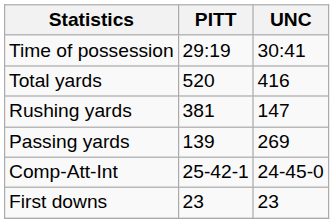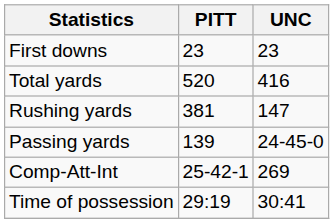 <table class="wikitable" style="float: left;">
 <tr>
 <th>Statistics</th>
 <th>PITT</th>
 <th>UNC</th>
 </tr>
 <tr>
-<td>Time of possession</td>
-<td>29:19</td>
-<td>30:41</td>
+<td>First downs</td>
+<td>23</td>
+<td>23</td>
 </tr>
 <tr>
 <td>Total yards</td>
 <td>520</td>
 <td>416</td>
 </tr>
 <tr>
 <td>Rushing yards</td>
 <td>381</td>
 <td>147</td>
 </tr>
 <tr>
 <td>Passing yards</td>
 <td>139</td>
-<td>269</td>
+<td>24-45-0</td>
 </tr>
 <tr>
 <td>Comp-Att-Int</td>
 <td>25-42-1</td>
-<td>24-45-0</td>
+<td>269</td>
 </tr>
 <tr>
-<td>First downs</td>
-<td>23</td>
-<td>23</td>
+<td>Time of possession</td>
+<td>29:19</td>
+<td>30:41</td>
 </tr>
 <tr>
 </tr>
 </table>
